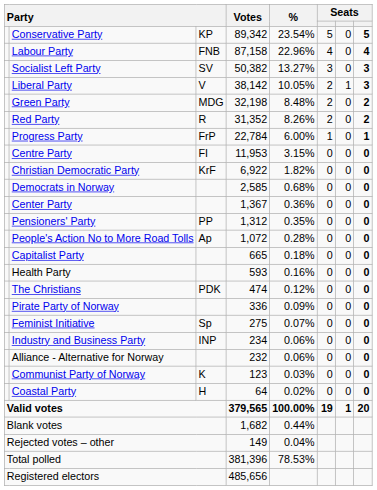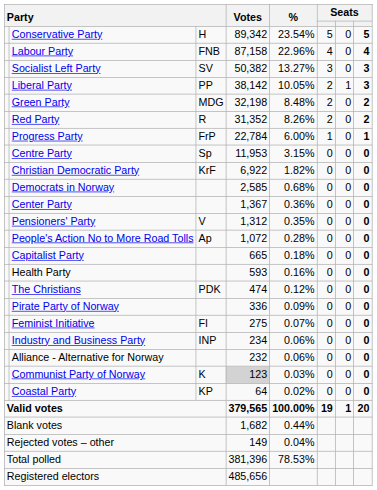 <table class="wikitable" border="1" style="text-align:right;">
 <tr>
 <th style="text-align:left;" valign=bottom rowspan=2 colspan=3>Party</th>
 <th align=center valign=bottom rowspan=2 width="50">Votes</th>
 <th align=center valign=bottom rowspan=2 width="50">%</th>
 <th colspan=3>Seats</th>
 </tr>
 <tr>
 <th align=center valign=bottom width="20"><small></small></th>
 <th align=center valign=bottom width="20"><small><a href='#'></a></small></th>
 <th align=center valign=bottom width="20"><small></small></th>
 </tr>
 <tr>
 <td style="color:inherit;background:"></td>
 <td align=left><a href='#'>Conservative Party</a></td>
-<td align=left>KP</td>
+<td align=left>H</td>
 <td>89,342</td>
 <td>23.54%</td>
 <td>5</td>
 <td>0</td>
 <td><strong>5</strong></td>
 </tr>
 <tr>
 <td style="color:inherit;background:"></td>
 <td align=left><a href='#'>Labour Party</a></td>
 <td align=left>FNB</td>
 <td>87,158</td>
 <td>22.96%</td>
 <td>4</td>
 <td>0</td>
 <td><strong>4</strong></td>
 </tr>
 <tr>
 <td style="color:inherit;background:"></td>
 <td align=left><a href='#'>Socialist Left Party</a></td>
 <td align=left>SV</td>
 <td>50,382</td>
 <td>13.27%</td>
 <td>3</td>
 <td>0</td>
 <td><strong>3</strong></td>
 </tr>
 <tr>
 <td style="color:inherit;background:"></td>
 <td align=left><a href='#'>Liberal Party</a></td>
-<td align=left>V</td>
+<td align=left>PP</td>
 <td>38,142</td>
 <td>10.05%</td>
 <td>2</td>
 <td>1</td>
 <td><strong>3</strong></td>
 </tr>
 <tr>
 <td style="color:inherit;background:"></td>
 <td align=left><a href='#'>Green Party</a></td>
 <td align=left>MDG</td>
 <td>32,198</td>
 <td>8.48%</td>
 <td>2</td>
 <td>0</td>
 <td><strong>2</strong></td>
 </tr>
 <tr>
 <td style="color:inherit;background:"></td>
 <td align=left><a href='#'>Red Party</a></td>
 <td align=left>R</td>
 <td>31,352</td>
 <td>8.26%</td>
 <td>2</td>
 <td>0</td>
 <td><strong>2</strong></td>
 </tr>
 <tr>
 <td style="color:inherit;background:"></td>
 <td align=left><a href='#'>Progress Party</a></td>
 <td align=left>FrP</td>
 <td>22,784</td>
 <td>6.00%</td>
 <td>1</td>
 <td>0</td>
 <td><strong>1</strong></td>
 </tr>
 <tr>
 <td style="color:inherit;background:"></td>
 <td align=left><a href='#'>Centre Party</a></td>
-<td align=left>FI</td>
+<td align=left>Sp</td>
 <td>11,953</td>
 <td>3.15%</td>
 <td>0</td>
 <td>0</td>
 <td><strong>0</strong></td>
 </tr>
 <tr>
 <td style="color:inherit;background:"></td>
 <td align=left><a href='#'>Christian Democratic Party</a></td>
 <td align=left>KrF</td>
 <td>6,922</td>
 <td>1.82%</td>
 <td>0</td>
 <td>0</td>
 <td><strong>0</strong></td>
 </tr>
 <tr>
 <td style="color:inherit;background:"></td>
 <td align=left><a href='#'>Democrats in Norway</a></td>
 <td align=left></td>
 <td>2,585</td>
 <td>0.68%</td>
 <td>0</td>
 <td>0</td>
 <td><strong>0</strong></td>
 </tr>
 <tr>
 <td style="color:inherit;background:"></td>
 <td align=left><a href='#'>Center Party</a></td>
 <td align=left></td>
 <td>1,367</td>
 <td>0.36%</td>
 <td>0</td>
 <td>0</td>
 <td><strong>0</strong></td>
 </tr>
 <tr>
 <td style="color:inherit;background:"></td>
 <td align=left><a href='#'>Pensioners' Party</a></td>
-<td align=left>PP</td>
+<td align=left>V</td>
 <td>1,312</td>
 <td>0.35%</td>
 <td>0</td>
 <td>0</td>
 <td><strong>0</strong></td>
 </tr>
 <tr>
 <td style="color:inherit;background:"></td>
 <td align=left><a href='#'>People's Action No to More Road Tolls</a></td>
 <td align=left>Ap</td>
 <td>1,072</td>
 <td>0.28%</td>
 <td>0</td>
 <td>0</td>
 <td><strong>0</strong></td>
 </tr>
 <tr>
 <td style="color:inherit;background:"></td>
 <td align=left><a href='#'>Capitalist Party</a></td>
 <td align=left></td>
 <td>665</td>
 <td>0.18%</td>
 <td>0</td>
 <td>0</td>
 <td><strong>0</strong></td>
 </tr>
 <tr>
 <td></td>
 <td align=left>Health Party</td>
 <td align=left></td>
 <td>593</td>
 <td>0.16%</td>
 <td>0</td>
 <td>0</td>
 <td><strong>0</strong></td>
 </tr>
 <tr>
 <td style="color:inherit;background:"></td>
 <td align=left><a href='#'>The Christians</a></td>
 <td align=left>PDK</td>
 <td>474</td>
 <td>0.12%</td>
 <td>0</td>
 <td>0</td>
 <td><strong>0</strong></td>
 </tr>
 <tr>
 <td style="color:inherit;background:"></td>
 <td align=left><a href='#'>Pirate Party of Norway</a></td>
 <td align=left></td>
 <td>336</td>
 <td>0.09%</td>
 <td>0</td>
 <td>0</td>
 <td><strong>0</strong></td>
 </tr>
 <tr>
 <td style="color:inherit;background:"></td>
 <td align=left><a href='#'>Feminist Initiative</a></td>
-<td align=left>Sp</td>
+<td align=left>FI</td>
 <td>275</td>
 <td>0.07%</td>
 <td>0</td>
 <td>0</td>
 <td><strong>0</strong></td>
 </tr>
 <tr>
 <td style="color:inherit;background:"></td>
 <td align=left><a href='#'>Industry and Business Party</a></td>
 <td align=left>INP</td>
 <td>234</td>
 <td>0.06%</td>
 <td>0</td>
 <td>0</td>
 <td><strong>0</strong></td>
 </tr>
 <tr>
 <td></td>
 <td align=left>Alliance - Alternative for Norway</td>
 <td align=left></td>
 <td>232</td>
 <td>0.06%</td>
 <td>0</td>
 <td>0</td>
 <td><strong>0</strong></td>
 </tr>
 <tr>
 <td style="color:inherit;background:"></td>
 <td align=left><a href='#'>Communist Party of Norway</a></td>
 <td align=left>K</td>
-<td>123</td>
+<td style="background: lightgrey;">123</td>
 <td>0.03%</td>
 <td>0</td>
 <td>0</td>
 <td><strong>0</strong></td>
 </tr>
 <tr>
 <td style="color:inherit;background:"></td>
 <td align=left><a href='#'>Coastal Party</a></td>
-<td align=left>H</td>
+<td align=left>KP</td>
 <td>64</td>
 <td>0.02%</td>
 <td>0</td>
 <td>0</td>
 <td><strong>0</strong></td>
 </tr>
 <tr style="font-weight:bold">
 <td align=left colspan=3>Valid votes</td>
 <td>379,565</td>
 <td>100.00%</td>
 <td>19</td>
 <td>1</td>
 <td>20</td>
 </tr>
 <tr>
 <td align=left colspan=3>Blank votes</td>
 <td>1,682</td>
 <td>0.44%</td>
 <td></td>
 <td></td>
 <td></td>
 </tr>
 <tr>
 <td align=left colspan=3>Rejected votes – other</td>
 <td>149</td>
 <td>0.04%</td>
 <td></td>
 <td></td>
 <td></td>
 </tr>
 <tr>
 <td align=left colspan=3>Total polled</td>
 <td>381,396</td>
 <td>78.53%</td>
 <td></td>
 <td></td>
 <td></td>
 </tr>
 <tr>
 <td align=left colspan=3>Registered electors</td>
 <td>485,656</td>
 <td></td>
 <td></td>
 <td></td>
 <td></td>
 </tr>
 </table>
